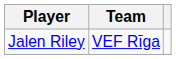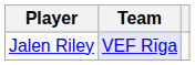 <table class="wikitable">
 <tr>
 <th>Player</th>
 <th>Team</th>
 <th></th>
 </tr>
 <tr>
 <td> <a href='#'>Jalen Riley</a></td>
-<td> <a href='#'>VEF Rīga</a></td>
+<td style="background: lavender;"> <a href='#'>VEF Rīga</a></td>
 <td></td>
 </tr>
 <tr>
 </tr>
 </table>
